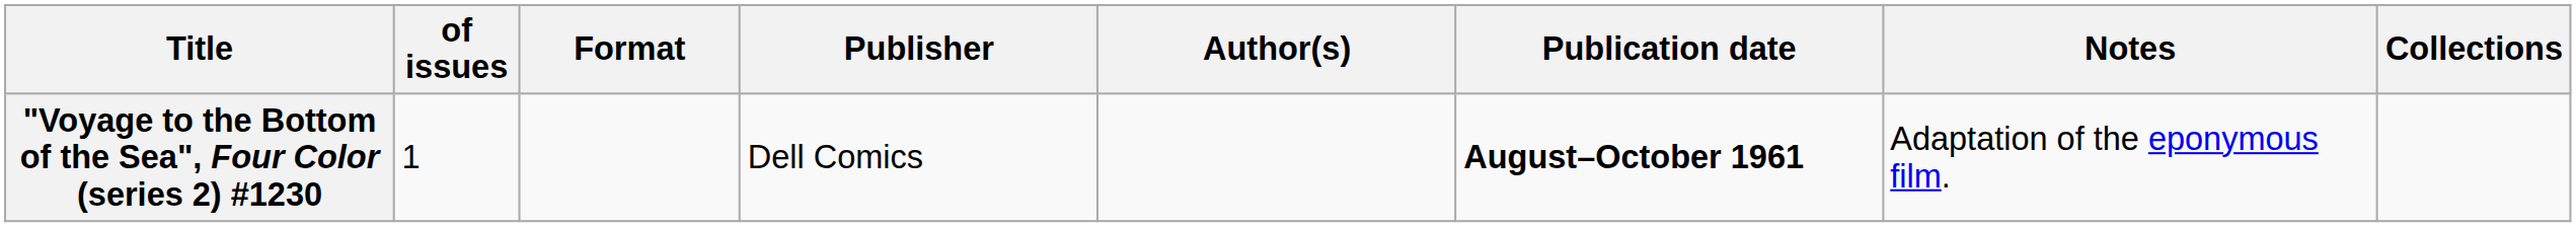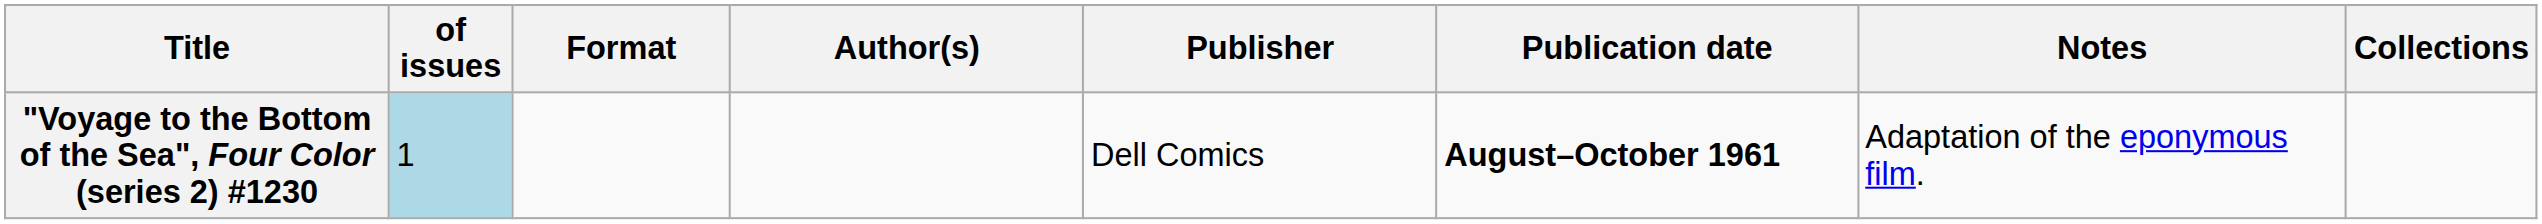 <table class="wikitable">
 <tr>
 <th>Title</th>
 <th style="width:40pt"> of issues</th>
 <th style="width:75pt">Format</th>
+<th style="width:125pt">Author(s)</th>
 <th style="width:125pt">Publisher</th>
-<th style="width:125pt">Author(s)</th>
 <th style="width:150pt">Publication date</th>
 <th style="width:175pt">Notes</th>
 <th>Collections</th>
 </tr>
 <tr>
 <th>"Voyage to the Bottom of the Sea", <em>Four Color</em> (series 2) #1230</th>
-<td>1</td>
+<td style="background: lightblue;">1</td>
+<td></td>
 <td></td>
 <td>Dell Comics</td>
-<td></td>
 <td><strong>August–October 1961</strong></td>
 <td>Adaptation of the <a href='#'>eponymous film</a>.</td>
 <td></td>
 </tr>
 </table>
